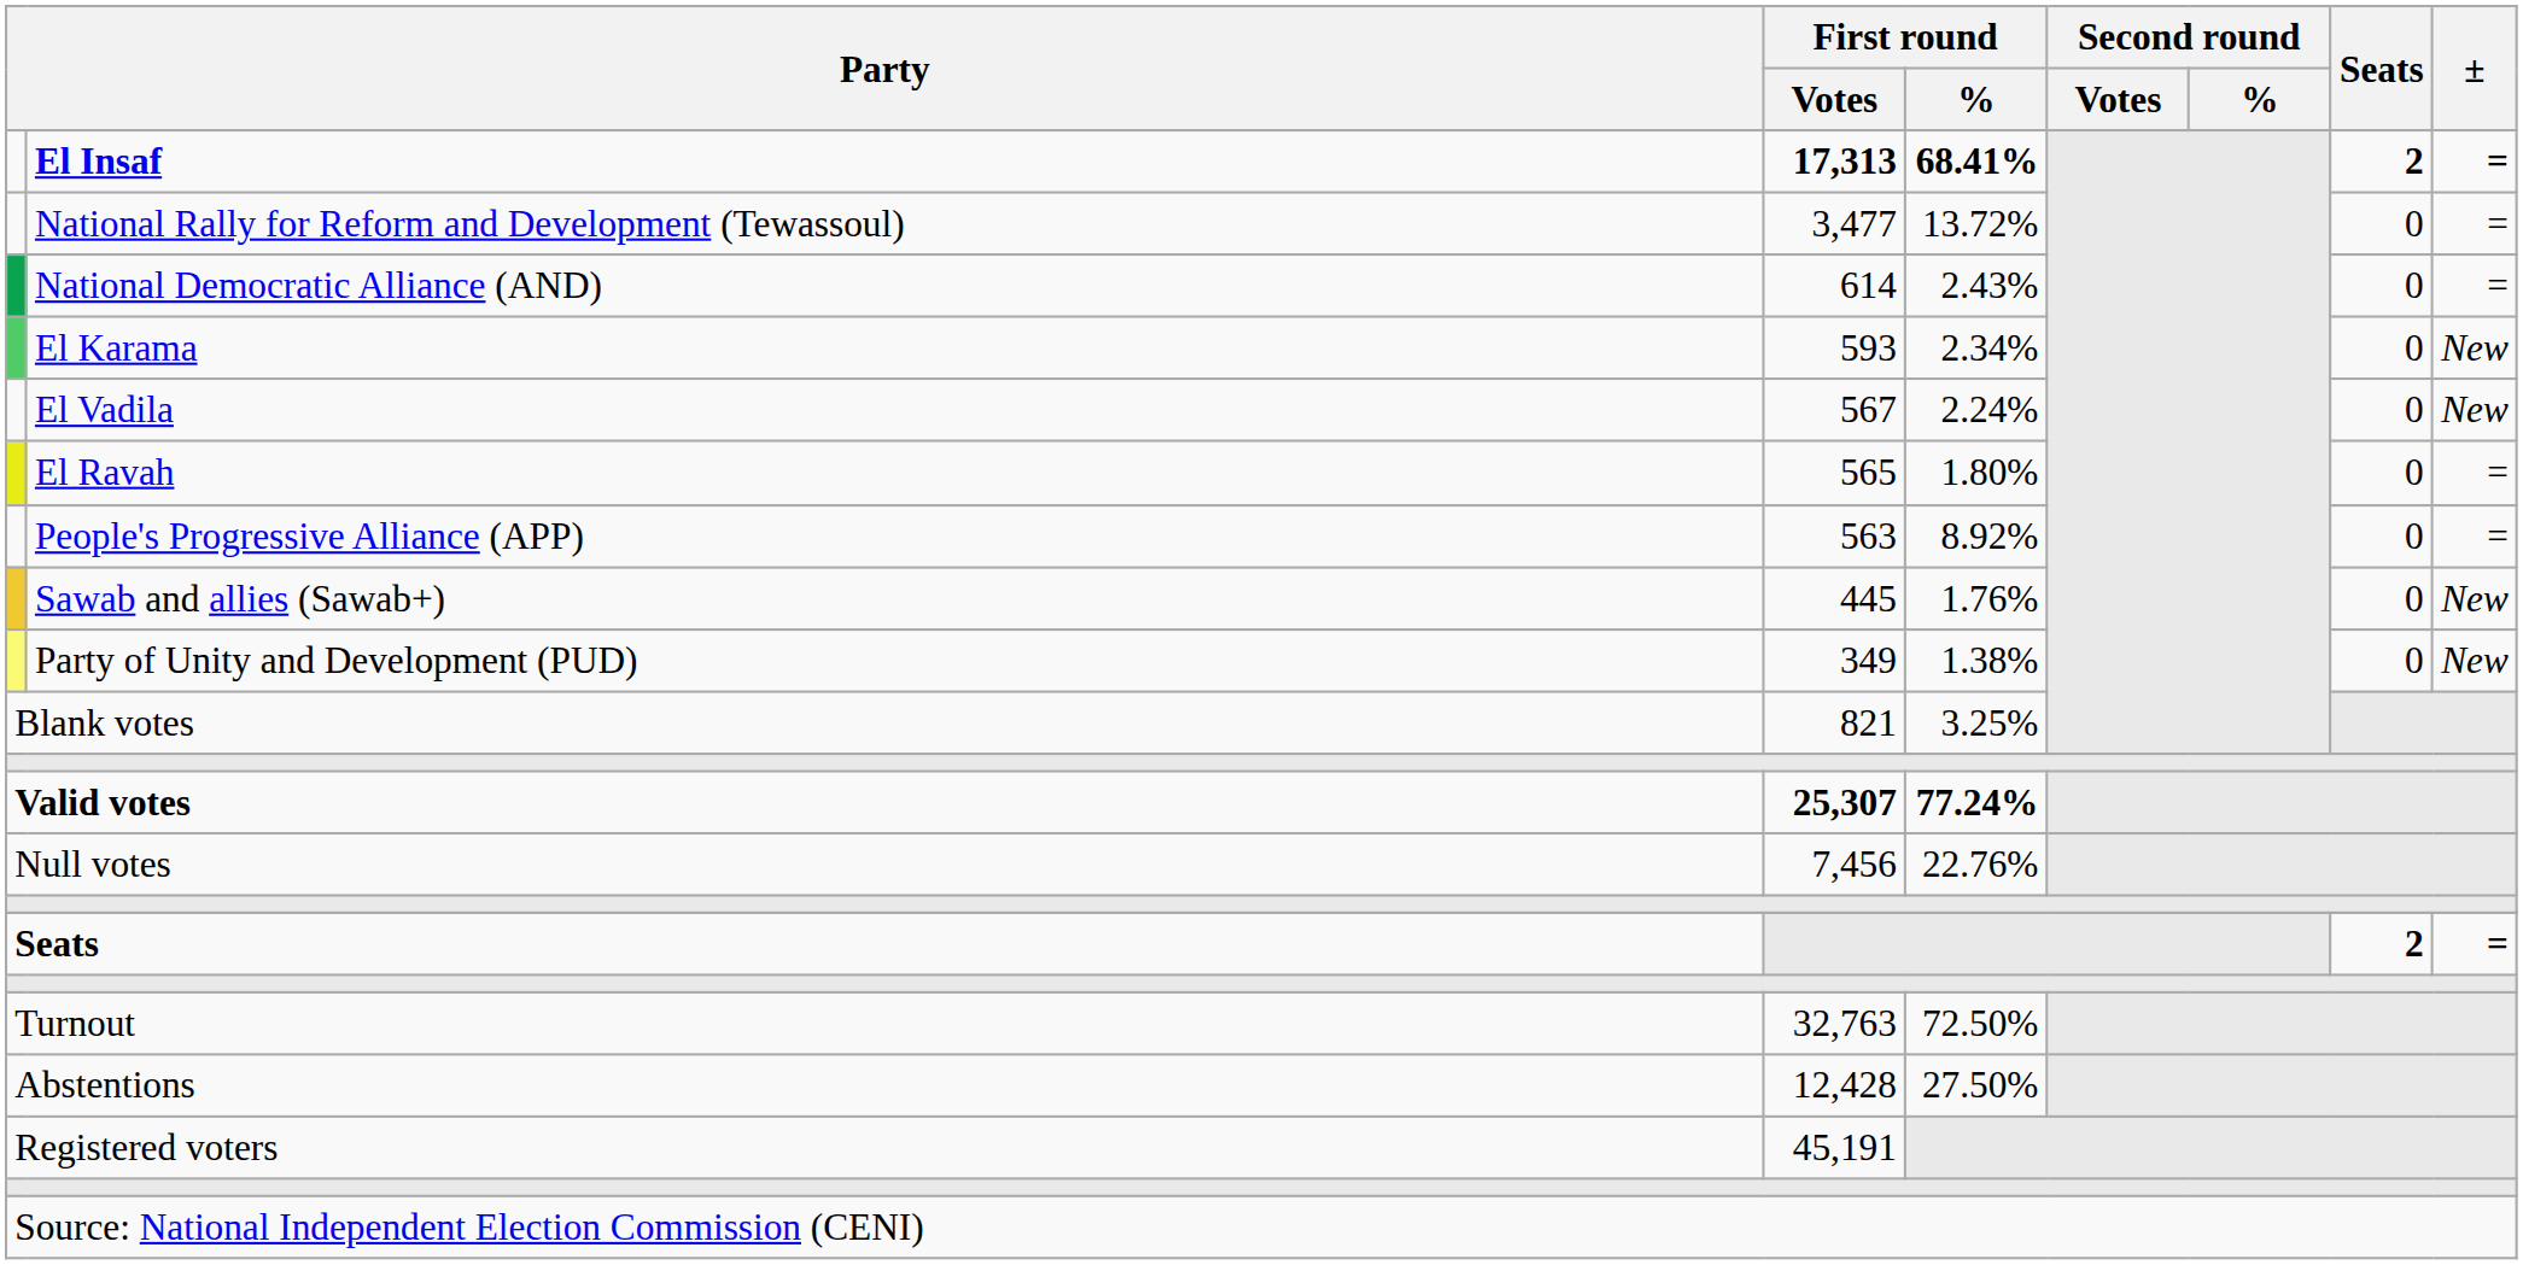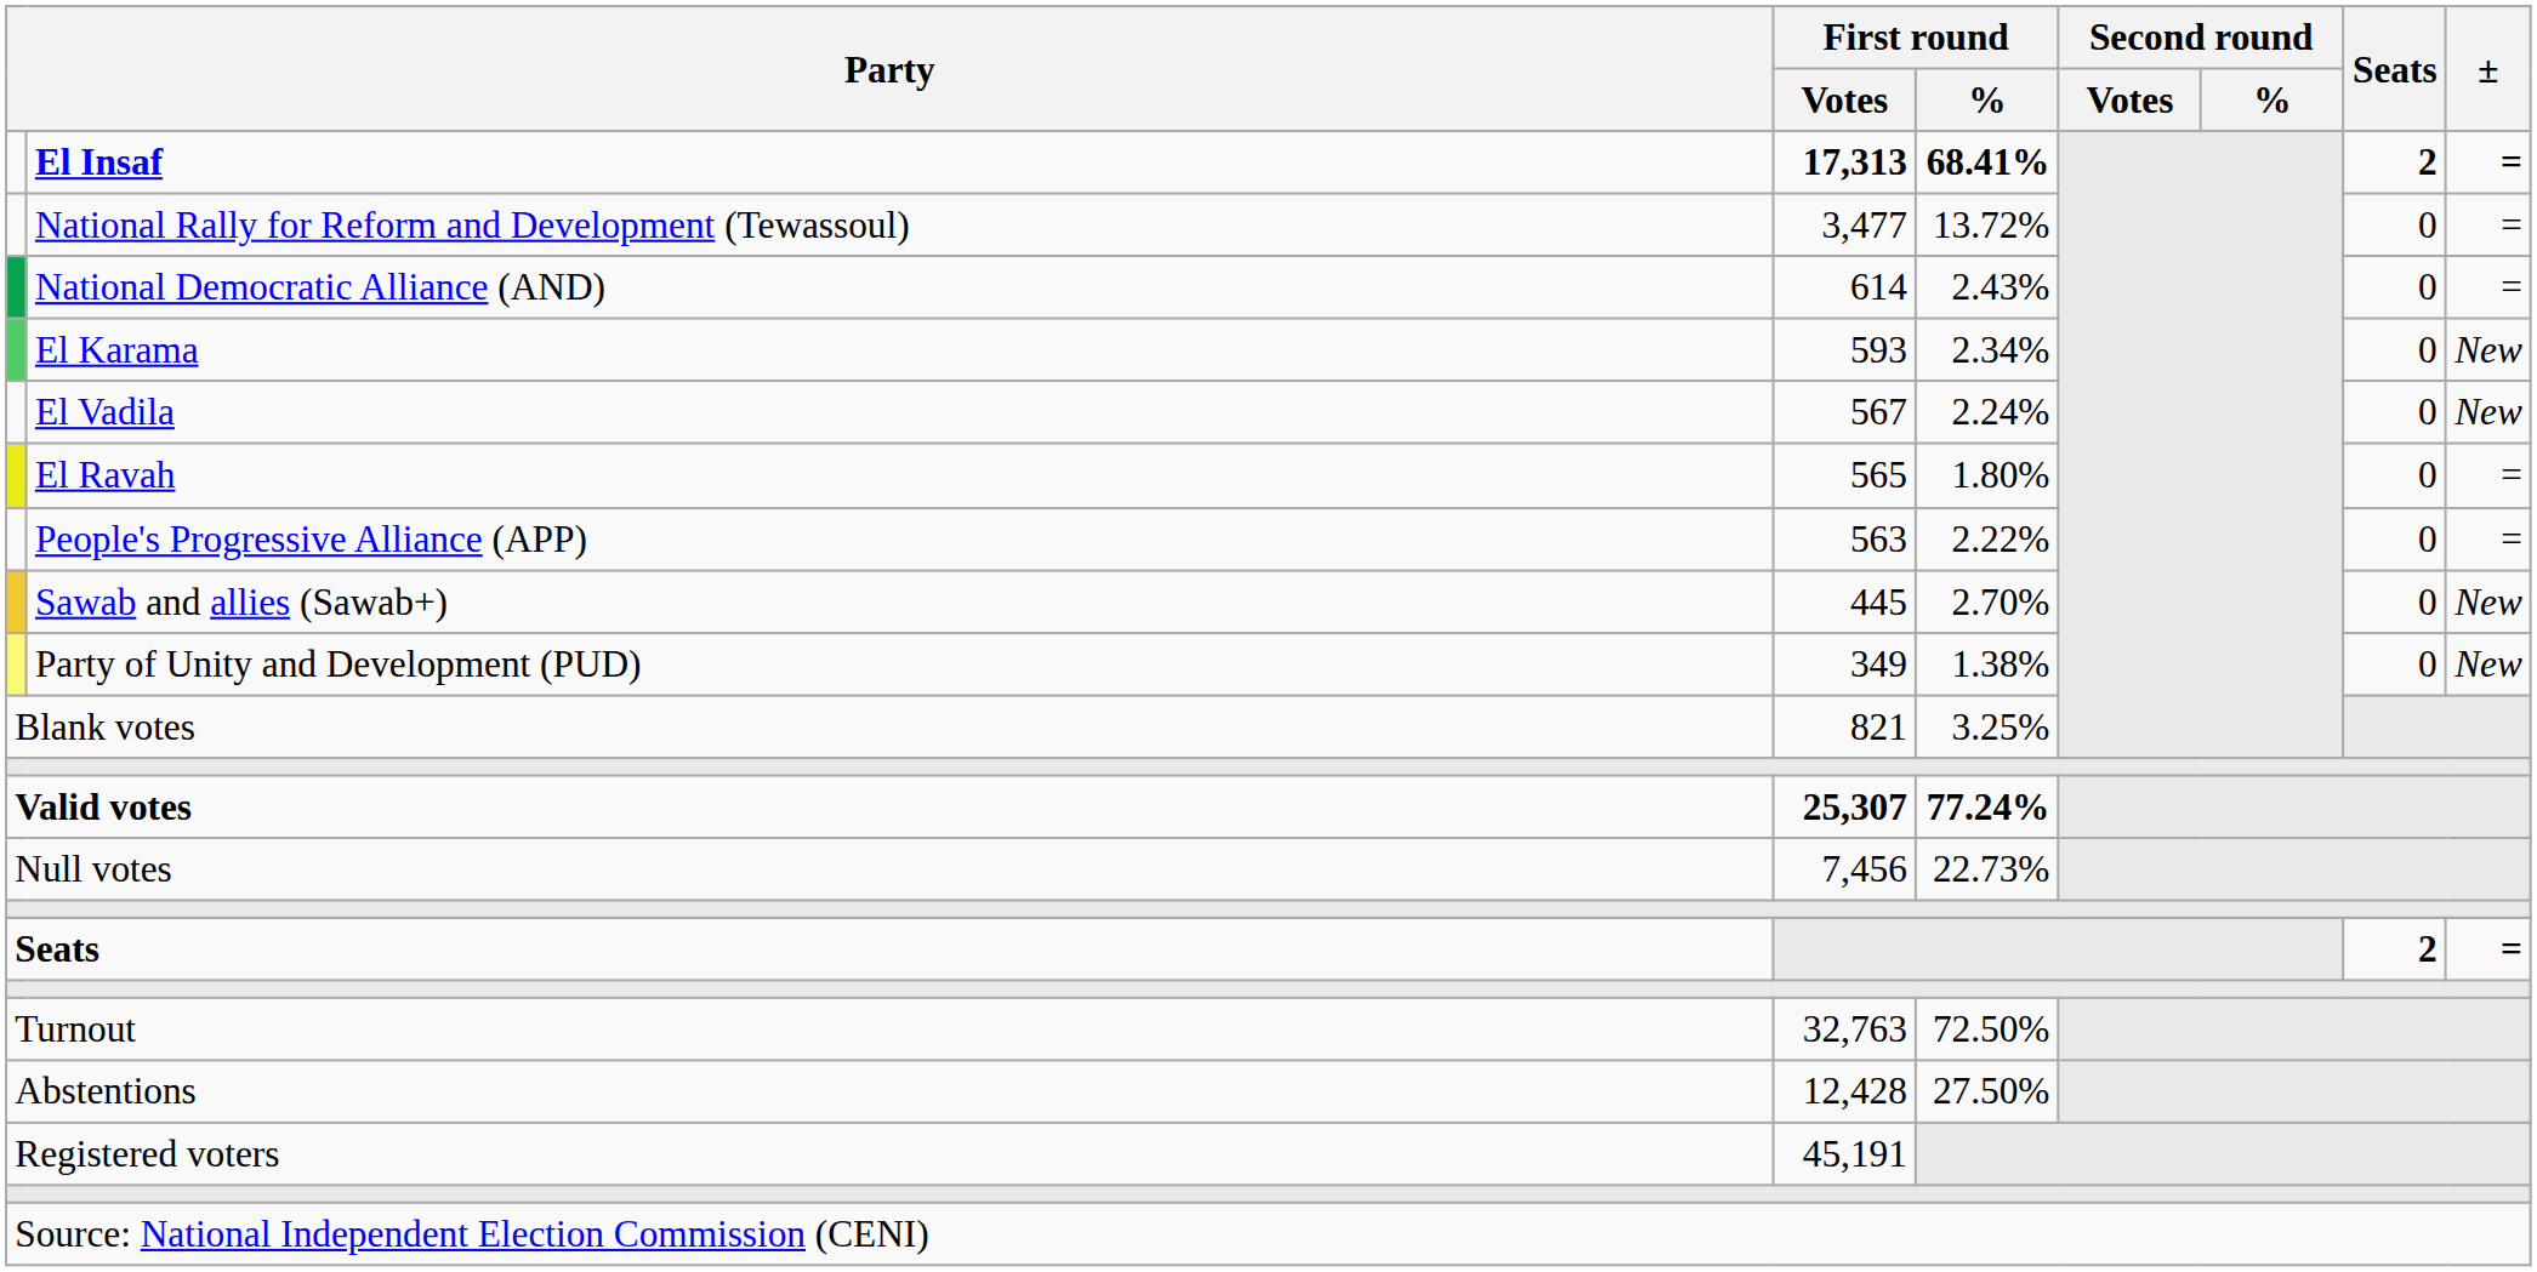 <table class="wikitable" style="text-align:right;font-size:95%;">
 <tr>
 <th rowspan="2" colspan="2" width="700">Party</th>
 <th colspan="2">First round</th>
 <th colspan="2">Second round</th>
 <th rowspan="2" width="25">Seats</th>
 <th rowspan="2" width="20">±</th>
 </tr>
 <tr>
 <th width="50">Votes</th>
 <th width="50">%</th>
 <th width="50">Votes</th>
 <th width="50">%</th>
 </tr>
 <tr>
 <td width="1" style="color:inherit;background:"></td>
 <td style="text-align:left;"><strong><a href='#'>El Insaf</a></strong></td>
 <td><strong>17,313</strong></td>
 <td><strong>68.41%</strong></td>
 <td colspan="2" rowspan="10" style="background:#E9E9E9;"></td>
 <td><strong>2</strong></td>
 <td><strong>=</strong></td>
 </tr>
 <tr>
 <td width="1" style="color:inherit;background:"></td>
 <td style="text-align:left;"><a href='#'>National Rally for Reform and Development</a> (Tewassoul)</td>
 <td>3,477</td>
 <td>13.72%</td>
 <td>0</td>
 <td>=</td>
 </tr>
 <tr>
 <td width="1" style="color:inherit;background:#0AA450;"></td>
 <td style="text-align:left;"><a href='#'>National Democratic Alliance</a> (AND)</td>
 <td>614</td>
 <td>2.43%</td>
 <td>0</td>
 <td>=</td>
 </tr>
 <tr>
 <td width="1" style="color:inherit;background:#4FCB68;"></td>
 <td style="text-align:left;"><a href='#'>El Karama</a></td>
 <td>593</td>
 <td>2.34%</td>
 <td>0</td>
 <td><em>New</em></td>
 </tr>
 <tr>
 <td width="1" style="color:inherit;background:"></td>
 <td style="text-align:left;"><a href='#'>El Vadila</a></td>
 <td>567</td>
 <td>2.24%</td>
 <td>0</td>
 <td><em>New</em></td>
 </tr>
 <tr>
 <td width="1" style="color:inherit;background:#E7EB16;"></td>
 <td style="text-align:left;"><a href='#'>El Ravah</a></td>
 <td>565</td>
 <td>1.80%</td>
 <td>0</td>
 <td>=</td>
 </tr>
 <tr>
 <td width="1" style="color:inherit;background:"></td>
 <td style="text-align:left;"><a href='#'>People's Progressive Alliance</a> (APP)</td>
 <td>563</td>
-<td>8.92%</td>
+<td>2.22%</td>
 <td>0</td>
 <td>=</td>
 </tr>
 <tr>
 <td width="1" style="color:inherit;background:#F0C832;"></td>
 <td style="text-align:left;"><a href='#'>Sawab</a> and <a href='#'>allies</a> (Sawab+)</td>
 <td>445</td>
-<td>1.76%</td>
+<td>2.70%</td>
 <td>0</td>
 <td><em>New</em></td>
 </tr>
 <tr>
 <td width="1" style="color:inherit;background:#FAFA75;"></td>
 <td style="text-align:left;">Party of Unity and Development (PUD)</td>
 <td>349</td>
 <td>1.38%</td>
 <td>0</td>
 <td><em>New</em></td>
 </tr>
 <tr>
 <td colspan="2" style="text-align:left;">Blank votes</td>
 <td>821</td>
 <td>3.25%</td>
 <td colspan="4" style="background:#E9E9E9;"></td>
 </tr>
 <tr>
 <td colspan="8" style="background:#E9E9E9;"></td>
 </tr>
 <tr style="font-weight:bold;">
 <td colspan="2" style="text-align:left;">Valid votes</td>
 <td>25,307</td>
 <td>77.24%</td>
 <td colspan="4" style="background:#E9E9E9;"></td>
 </tr>
 <tr>
 <td colspan="2" style="text-align:left;">Null votes</td>
 <td>7,456</td>
-<td>22.76%</td>
+<td>22.73%</td>
 <td colspan="4" style="background:#E9E9E9;"></td>
 </tr>
 <tr>
 <td colspan="8" style="background:#E9E9E9;"></td>
 </tr>
 <tr>
 </tr>
 <tr style="font-weight:bold;">
 <td colspan="2" style="text-align:left;">Seats</td>
 <td colspan="4" style="background:#E9E9E9;"></td>
 <td>2</td>
 <td>=</td>
 </tr>
 <tr>
 <td colspan="8" style="background:#E9E9E9;"></td>
 </tr>
 <tr>
 <td colspan="2" style="text-align:left;">Turnout</td>
 <td>32,763</td>
 <td>72.50%</td>
 <td colspan="4" style="background:#E9E9E9;"></td>
 </tr>
 <tr>
 <td colspan="2" style="text-align:left;">Abstentions</td>
 <td>12,428</td>
 <td>27.50%</td>
 <td colspan="4" style="background:#E9E9E9;"></td>
 </tr>
 <tr>
 <td colspan="2" style="text-align:left;">Registered voters</td>
 <td>45,191</td>
 <td colspan="5" style="background:#E9E9E9;"></td>
 </tr>
 <tr>
 <td colspan="8" style="background:#E9E9E9;"></td>
 </tr>
 <tr>
 <td colspan="8" style="text-align:left;">Source: <a href='#'>National Independent Election Commission</a> (CENI)</td>
 </tr>
 </table>
